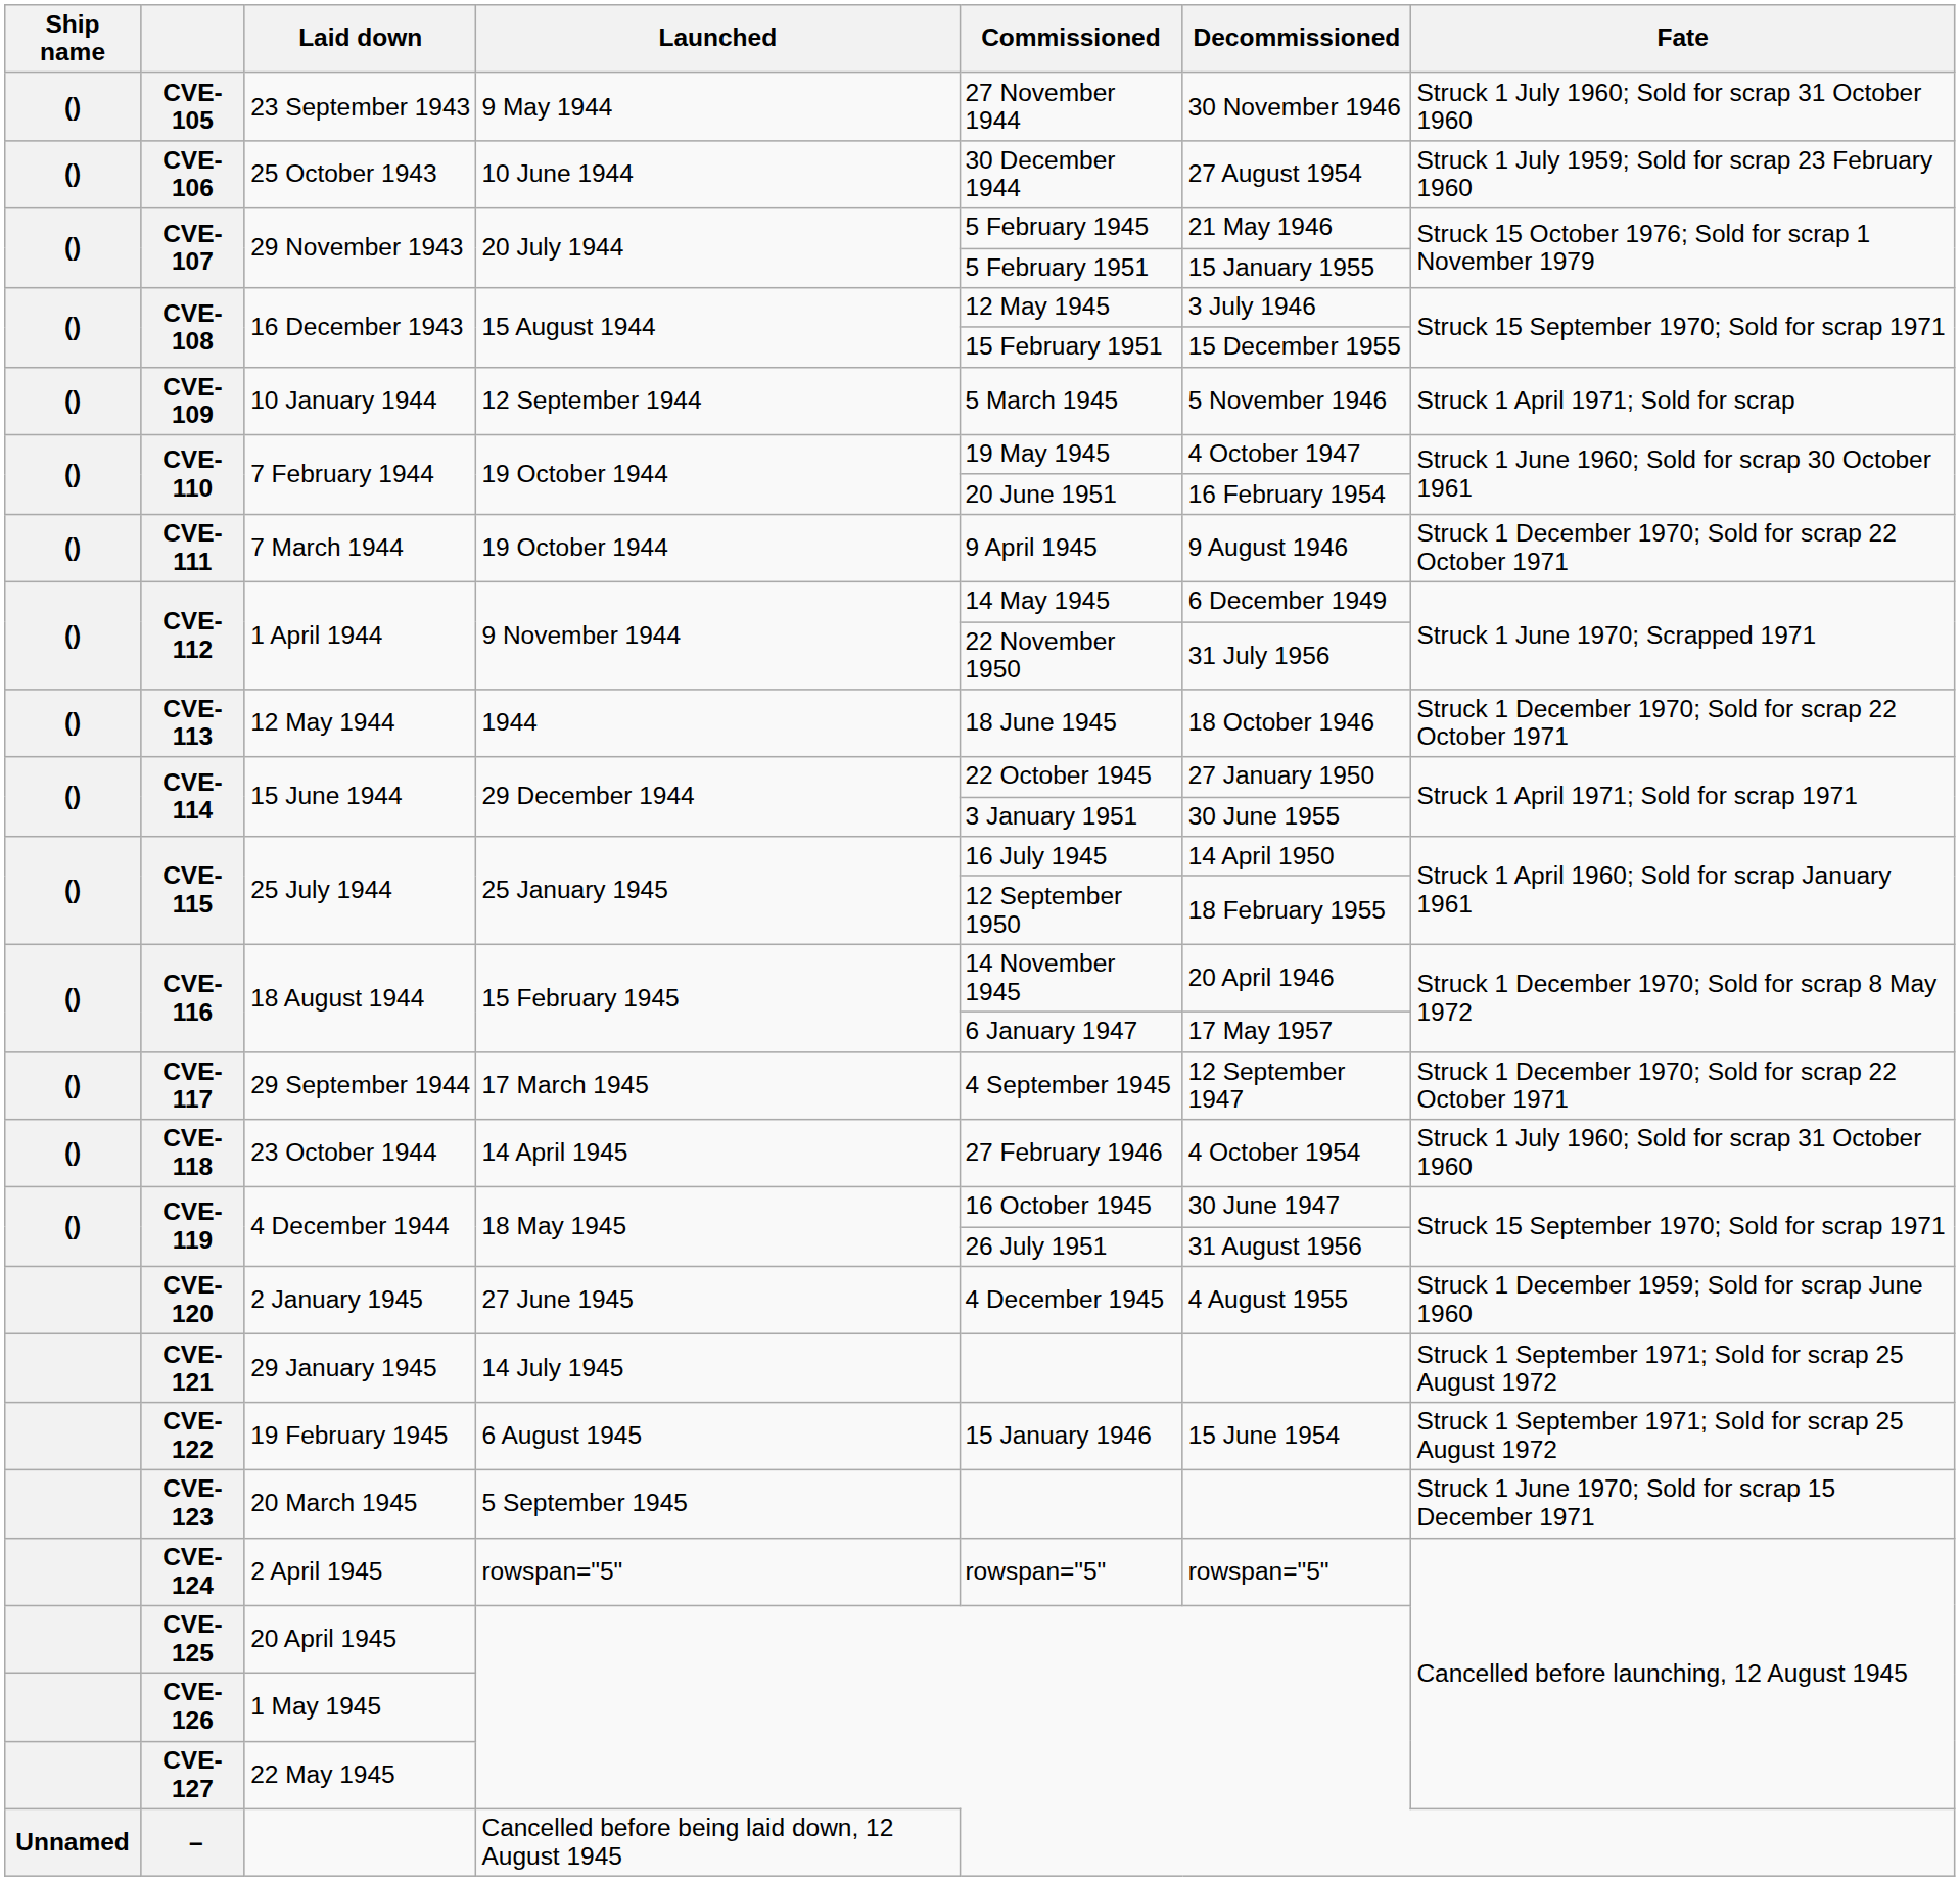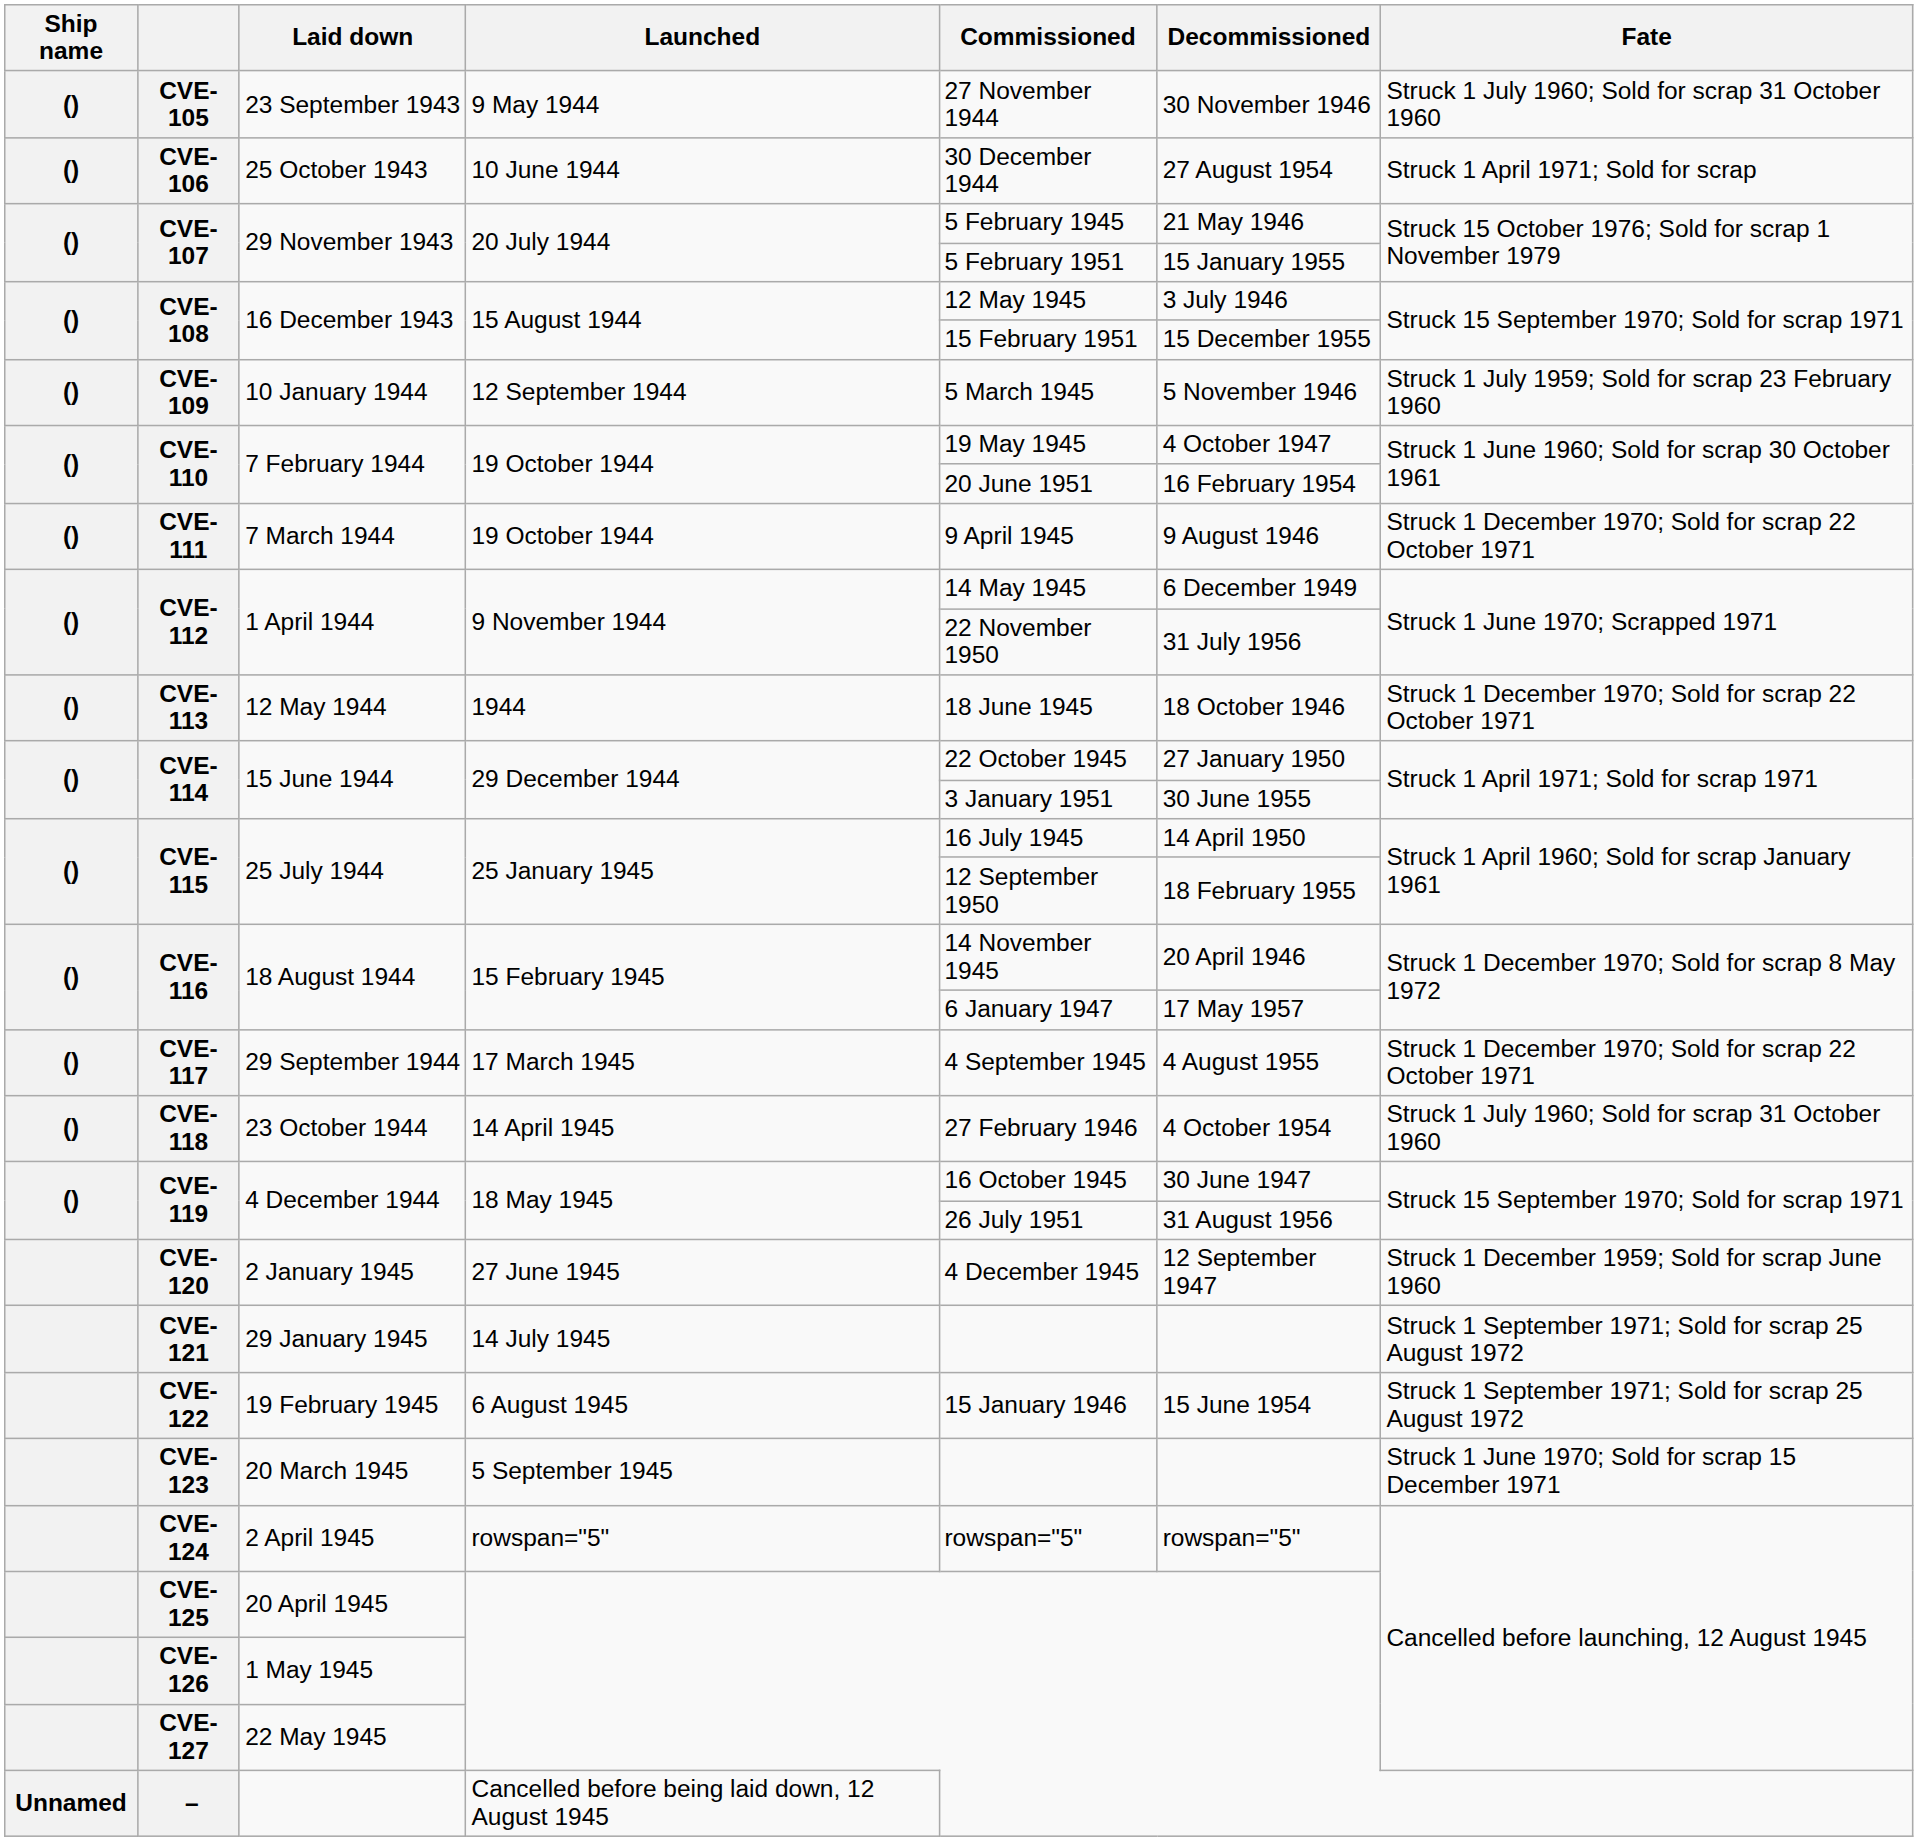 <table class="sortable wikitable plainrowheaders">
 <tr>
 <th scope="col">Ship name</th>
 <th scope="col"></th>
 <th scope="col">Laid down</th>
 <th scope="col">Launched</th>
 <th scope="col">Commissioned</th>
 <th scope="col">Decommissioned</th>
 <th scope="col" class="unsortable">Fate</th>
 </tr>
 <tr>
 <th scope="row"> ()</th>
 <th scope="row">CVE-105</th>
 <td style="white-space: nowrap;">23 September 1943</td>
 <td>9 May 1944</td>
 <td>27 November 1944</td>
 <td>30 November 1946</td>
 <td>Struck 1 July 1960; Sold for scrap 31 October 1960</td>
 </tr>
 <tr>
 <th scope="row"> ()</th>
 <th scope="row">CVE-106</th>
 <td>25 October 1943</td>
 <td>10 June 1944</td>
 <td>30 December 1944</td>
 <td>27 August 1954</td>
-<td>Struck 1 July 1959; Sold for scrap 23 February 1960</td>
+<td>Struck 1 April 1971; Sold for scrap</td>
 </tr>
 <tr>
 <th scope="row" rowspan=2> ()</th>
 <th scope="row" rowspan=2>CVE-107</th>
 <td rowspan=2>29 November 1943</td>
 <td rowspan=2>20 July 1944</td>
 <td>5 February 1945</td>
 <td>21 May 1946</td>
 <td rowspan=2>Struck 15 October 1976; Sold for scrap 1 November 1979</td>
 </tr>
 <tr>
 <td>5 February 1951</td>
 <td>15 January 1955</td>
 </tr>
 <tr>
 <th scope="row" rowspan=2> ()</th>
 <th scope="row" rowspan=2>CVE-108</th>
 <td rowspan=2>16 December 1943</td>
 <td rowspan=2>15 August 1944</td>
 <td>12 May 1945</td>
 <td>3 July 1946</td>
 <td rowspan=2>Struck 15 September 1970; Sold for scrap 1971</td>
 </tr>
 <tr>
 <td>15 February 1951</td>
 <td>15 December 1955</td>
 </tr>
 <tr>
 <th scope="row"> ()</th>
 <th scope="row">CVE-109</th>
 <td>10 January 1944</td>
 <td>12 September 1944</td>
 <td>5 March 1945</td>
 <td>5 November 1946</td>
-<td>Struck 1 April 1971; Sold for scrap</td>
+<td>Struck 1 July 1959; Sold for scrap 23 February 1960</td>
 </tr>
 <tr>
 <th scope="row" rowspan=2> ()</th>
 <th scope="row" rowspan=2>CVE-110</th>
 <td rowspan=2>7 February 1944</td>
 <td rowspan=2>19 October 1944</td>
 <td>19 May 1945</td>
 <td>4 October 1947</td>
 <td rowspan=2>Struck 1 June 1960; Sold for scrap 30 October 1961</td>
 </tr>
 <tr>
 <td>20 June 1951</td>
 <td>16 February 1954</td>
 </tr>
 <tr>
 <th scope="row"> ()</th>
 <th scope="row">CVE-111</th>
 <td>7 March 1944</td>
 <td>19 October 1944</td>
 <td>9 April 1945</td>
 <td>9 August 1946</td>
 <td>Struck 1 December 1970; Sold for scrap 22 October 1971</td>
 </tr>
 <tr>
 <th scope="row" rowspan=2> ()</th>
 <th scope="row" rowspan=2>CVE-112</th>
 <td rowspan=2>1 April 1944</td>
 <td rowspan=2>9 November 1944</td>
 <td>14 May 1945</td>
 <td>6 December 1949</td>
 <td rowspan=2>Struck 1 June 1970; Scrapped 1971</td>
 </tr>
 <tr>
 <td>22 November 1950</td>
 <td>31 July 1956</td>
 </tr>
 <tr>
 <th scope="row"> ()</th>
 <th scope="row">CVE-113</th>
 <td>12 May 1944</td>
 <td> 1944</td>
 <td>18 June 1945</td>
 <td>18 October 1946</td>
 <td>Struck 1 December 1970; Sold for scrap 22 October 1971</td>
 </tr>
 <tr>
 <th scope="row" rowspan=2> ()</th>
 <th scope="row" rowspan=2>CVE-114</th>
 <td rowspan=2>15 June 1944</td>
 <td rowspan=2>29 December 1944</td>
 <td>22 October 1945</td>
 <td>27 January 1950</td>
 <td rowspan=2>Struck 1 April 1971; Sold for scrap 1971</td>
 </tr>
 <tr>
 <td>3 January 1951</td>
 <td>30 June 1955</td>
 </tr>
 <tr>
 <th scope="row" rowspan=2> ()</th>
 <th scope="row" rowspan=2>CVE-115</th>
 <td rowspan=2>25 July 1944</td>
 <td rowspan=2>25 January 1945</td>
 <td>16 July 1945</td>
 <td>14 April 1950</td>
 <td rowspan=2>Struck 1 April 1960; Sold for scrap January 1961</td>
 </tr>
 <tr>
 <td>12 September 1950</td>
 <td>18 February 1955</td>
 </tr>
 <tr>
 <th scope="row" rowspan=2> ()</th>
 <th scope="row" rowspan=2>CVE-116</th>
 <td rowspan=2>18 August 1944</td>
 <td rowspan=2>15 February 1945</td>
 <td>14 November 1945</td>
 <td>20 April 1946</td>
 <td rowspan=2>Struck 1 December 1970; Sold for scrap 8 May 1972</td>
 </tr>
 <tr>
 <td>6 January 1947</td>
 <td>17 May 1957</td>
 </tr>
 <tr>
 <th scope="row"> ()</th>
 <th scope="row">CVE-117</th>
 <td>29 September 1944</td>
 <td>17 March 1945</td>
 <td>4 September 1945</td>
-<td>12 September 1947</td>
+<td>4 August 1955</td>
 <td>Struck 1 December 1970; Sold for scrap 22 October 1971</td>
 </tr>
 <tr>
 <th scope="row"> ()</th>
 <th scope="row">CVE-118</th>
 <td>23 October 1944</td>
 <td>14 April 1945</td>
 <td>27 February 1946</td>
 <td>4 October 1954</td>
 <td>Struck 1 July 1960; Sold for scrap 31 October 1960</td>
 </tr>
 <tr>
 <th scope="row" rowspan=2> ()</th>
 <th scope="row" rowspan=2>CVE-119</th>
 <td rowspan=2>4 December 1944</td>
 <td rowspan=2>18 May 1945</td>
 <td>16 October 1945</td>
 <td>30 June 1947</td>
 <td rowspan=2>Struck 15 September 1970; Sold for scrap 1971</td>
 </tr>
 <tr>
 <td>26 July 1951</td>
 <td>31 August 1956</td>
 </tr>
 <tr>
 <th scope="row"></th>
 <th scope="row">CVE-120</th>
 <td>2 January 1945</td>
 <td>27 June 1945</td>
 <td>4 December 1945</td>
-<td>4 August 1955</td>
+<td>12 September 1947</td>
 <td>Struck 1 December 1959; Sold for scrap June 1960</td>
 </tr>
 <tr>
 <th scope="row"></th>
 <th scope="row">CVE-121</th>
 <td>29 January 1945</td>
 <td>14 July 1945</td>
 <td></td>
 <td></td>
 <td>Struck 1 September 1971; Sold for scrap 25 August 1972</td>
 </tr>
 <tr>
 <th scope="row"></th>
 <th scope="row">CVE-122</th>
 <td>19 February 1945</td>
 <td>6 August 1945</td>
 <td>15 January 1946</td>
 <td>15 June 1954</td>
 <td>Struck 1 September 1971; Sold for scrap 25 August 1972</td>
 </tr>
 <tr>
 <th scope="row"></th>
 <th scope="row">CVE-123</th>
 <td>20 March 1945</td>
 <td>5 September 1945</td>
 <td></td>
 <td></td>
 <td>Struck 1 June 1970; Sold for scrap 15 December 1971</td>
 </tr>
 <tr>
 <th scope="row"></th>
 <th scope="row">CVE-124</th>
 <td>2 April 1945</td>
 <td>rowspan="5" </td>
 <td>rowspan="5" </td>
 <td>rowspan="5" </td>
 <td rowspan="4">Cancelled before launching, 12 August 1945</td>
 </tr>
 <tr>
 <th scope="row"></th>
 <th scope="row">CVE-125</th>
 <td>20 April 1945</td>
 </tr>
 <tr>
 <th scope="row"></th>
 <th scope="row">CVE-126</th>
 <td>1 May 1945</td>
 </tr>
 <tr>
 <th scope="row"></th>
 <th scope="row">CVE-127</th>
 <td>22 May 1945</td>
 </tr>
 <tr>
 <th scope="row">Unnamed</th>
 <th scope="row"> – </th>
 <td></td>
 <td>Cancelled before being laid down, 12 August 1945</td>
 </tr>
 </table>
